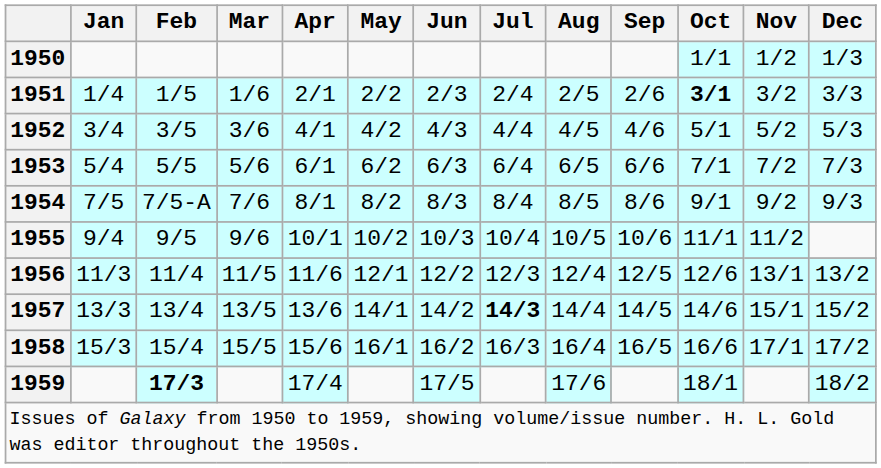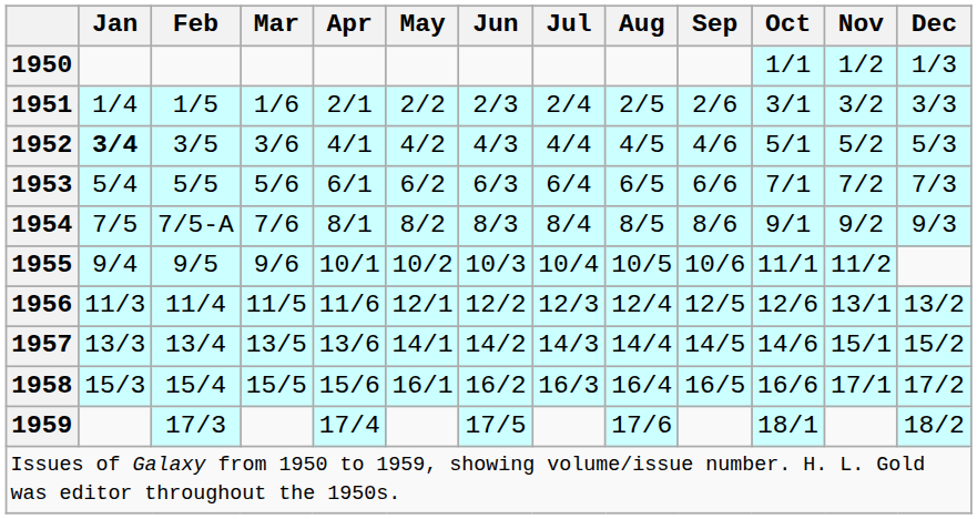 <table class="wikitable" style="font-size: 10pt; line-height: 11pt; margin-left: 2em; text-align: center; float: right">
 <tr>
 <th></th>
 <th>Jan</th>
 <th>Feb</th>
 <th>Mar</th>
 <th>Apr</th>
 <th>May</th>
 <th>Jun</th>
 <th>Jul</th>
 <th>Aug</th>
 <th>Sep</th>
 <th>Oct</th>
 <th>Nov</th>
 <th>Dec</th>
 </tr>
 <tr>
 <th>1950</th>
 <td></td>
 <td></td>
 <td></td>
 <td></td>
 <td></td>
 <td></td>
 <td></td>
 <td></td>
 <td></td>
 <td bgcolor=#ccffff>1/1</td>
 <td bgcolor=#ccffff>1/2</td>
 <td bgcolor=#ccffff>1/3</td>
 </tr>
 <tr>
 <th>1951</th>
 <td bgcolor=#ccffff>1/4</td>
 <td bgcolor=#ccffff>1/5</td>
 <td bgcolor=#ccffff>1/6</td>
 <td bgcolor=#ccffff>2/1</td>
 <td bgcolor=#ccffff>2/2</td>
 <td bgcolor=#ccffff>2/3</td>
 <td bgcolor=#ccffff>2/4</td>
 <td bgcolor=#ccffff>2/5</td>
 <td bgcolor=#ccffff>2/6</td>
-<td bgcolor=#ccffff><strong>3/1</strong></td>
+<td bgcolor=#ccffff>3/1</td>
 <td bgcolor=#ccffff>3/2</td>
 <td bgcolor=#ccffff>3/3</td>
 </tr>
 <tr>
 <th>1952</th>
-<td bgcolor=#ccffff>3/4</td>
+<td bgcolor=#ccffff><strong>3/4</strong></td>
 <td bgcolor=#ccffff>3/5</td>
 <td bgcolor=#ccffff>3/6</td>
 <td bgcolor=#ccffff>4/1</td>
 <td bgcolor=#ccffff>4/2</td>
 <td bgcolor=#ccffff>4/3</td>
 <td bgcolor=#ccffff>4/4</td>
 <td bgcolor=#ccffff>4/5</td>
 <td bgcolor=#ccffff>4/6</td>
 <td bgcolor=#ccffff>5/1</td>
 <td bgcolor=#ccffff>5/2</td>
 <td bgcolor=#ccffff>5/3</td>
 </tr>
 <tr>
 <th>1953</th>
 <td bgcolor=#ccffff>5/4</td>
 <td bgcolor=#ccffff>5/5</td>
 <td bgcolor=#ccffff>5/6</td>
 <td bgcolor=#ccffff>6/1</td>
 <td bgcolor=#ccffff>6/2</td>
 <td bgcolor=#ccffff>6/3</td>
 <td bgcolor=#ccffff>6/4</td>
 <td bgcolor=#ccffff>6/5</td>
 <td bgcolor=#ccffff>6/6</td>
 <td bgcolor=#ccffff>7/1</td>
 <td bgcolor=#ccffff>7/2</td>
 <td bgcolor=#ccffff>7/3</td>
 </tr>
 <tr>
 <th>1954</th>
 <td bgcolor=#ccffff>7/5</td>
 <td bgcolor=#ccffff>7/5-A</td>
 <td bgcolor=#ccffff>7/6</td>
 <td bgcolor=#ccffff>8/1</td>
 <td bgcolor=#ccffff>8/2</td>
 <td bgcolor=#ccffff>8/3</td>
 <td bgcolor=#ccffff>8/4</td>
 <td bgcolor=#ccffff>8/5</td>
 <td bgcolor=#ccffff>8/6</td>
 <td bgcolor=#ccffff>9/1</td>
 <td bgcolor=#ccffff>9/2</td>
 <td bgcolor=#ccffff>9/3</td>
 </tr>
 <tr>
 <th>1955</th>
 <td bgcolor=#ccffff>9/4</td>
 <td bgcolor=#ccffff>9/5</td>
 <td bgcolor=#ccffff>9/6</td>
 <td bgcolor=#ccffff>10/1</td>
 <td bgcolor=#ccffff>10/2</td>
 <td bgcolor=#ccffff>10/3</td>
 <td bgcolor=#ccffff>10/4</td>
 <td bgcolor=#ccffff>10/5</td>
 <td bgcolor=#ccffff>10/6</td>
 <td bgcolor=#ccffff>11/1</td>
 <td bgcolor=#ccffff>11/2</td>
 <td></td>
 </tr>
 <tr>
 <th>1956</th>
 <td bgcolor=#ccffff>11/3</td>
 <td bgcolor=#ccffff>11/4</td>
 <td bgcolor=#ccffff>11/5</td>
 <td bgcolor=#ccffff>11/6</td>
 <td bgcolor=#ccffff>12/1</td>
 <td bgcolor=#ccffff>12/2</td>
 <td bgcolor=#ccffff>12/3</td>
 <td bgcolor=#ccffff>12/4</td>
 <td bgcolor=#ccffff>12/5</td>
 <td bgcolor=#ccffff>12/6</td>
 <td bgcolor=#ccffff>13/1</td>
 <td bgcolor=#ccffff>13/2</td>
 </tr>
 <tr>
 <th>1957</th>
 <td bgcolor=#ccffff>13/3</td>
 <td bgcolor=#ccffff>13/4</td>
 <td bgcolor=#ccffff>13/5</td>
 <td bgcolor=#ccffff>13/6</td>
 <td bgcolor=#ccffff>14/1</td>
 <td bgcolor=#ccffff>14/2</td>
-<td bgcolor=#ccffff><strong>14/3</strong></td>
+<td bgcolor=#ccffff>14/3</td>
 <td bgcolor=#ccffff>14/4</td>
 <td bgcolor=#ccffff>14/5</td>
 <td bgcolor=#ccffff>14/6</td>
 <td bgcolor=#ccffff>15/1</td>
 <td bgcolor=#ccffff>15/2</td>
 </tr>
 <tr>
 <th>1958</th>
 <td bgcolor=#ccffff>15/3</td>
 <td bgcolor=#ccffff>15/4</td>
 <td bgcolor=#ccffff>15/5</td>
 <td bgcolor=#ccffff>15/6</td>
 <td bgcolor=#ccffff>16/1</td>
 <td bgcolor=#ccffff>16/2</td>
 <td bgcolor=#ccffff>16/3</td>
 <td bgcolor=#ccffff>16/4</td>
 <td bgcolor=#ccffff>16/5</td>
 <td bgcolor=#ccffff>16/6</td>
 <td bgcolor=#ccffff>17/1</td>
 <td bgcolor=#ccffff>17/2</td>
 </tr>
 <tr>
 <th>1959</th>
 <td></td>
-<td bgcolor=#ccffff><strong>17/3</strong></td>
+<td bgcolor=#ccffff>17/3</td>
 <td></td>
 <td bgcolor=#ccffff>17/4</td>
 <td></td>
 <td bgcolor=#ccffff>17/5</td>
 <td></td>
 <td bgcolor=#ccffff>17/6</td>
 <td></td>
 <td bgcolor=#ccffff>18/1</td>
 <td></td>
 <td bgcolor=#ccffff>18/2</td>
 </tr>
 <tr>
 <td colspan="13" style="font-size: 8pt; text-align:left">Issues of <em>Galaxy</em> from 1950 to 1959, showing volume/issue number. H. L. Gold<br>was editor throughout the 1950s.</td>
 </tr>
 </table>
